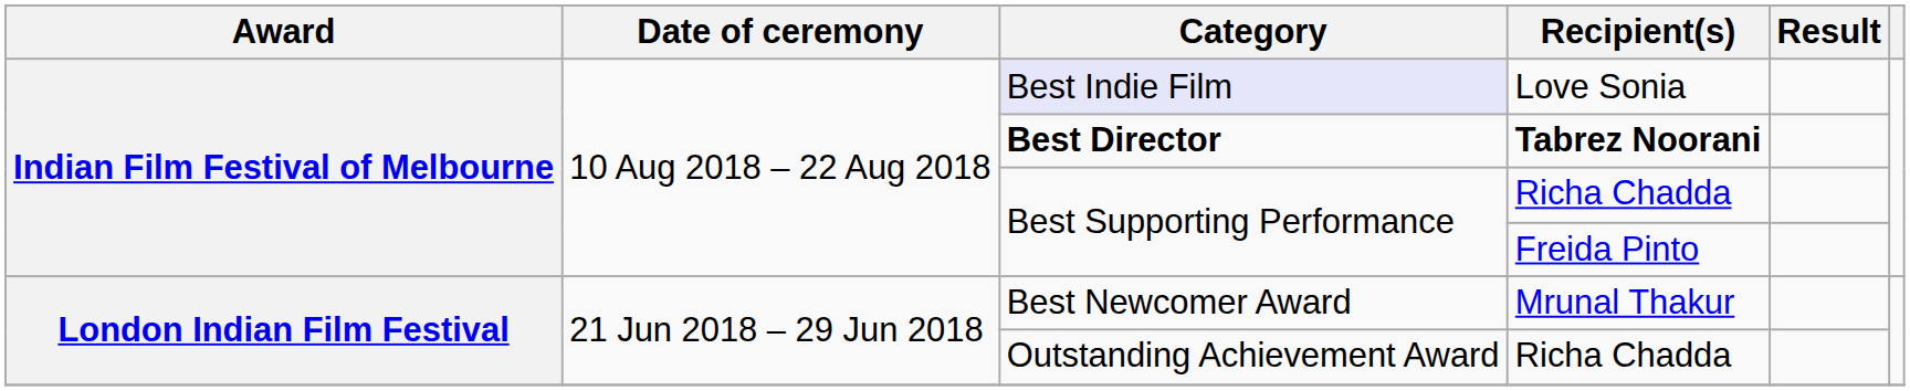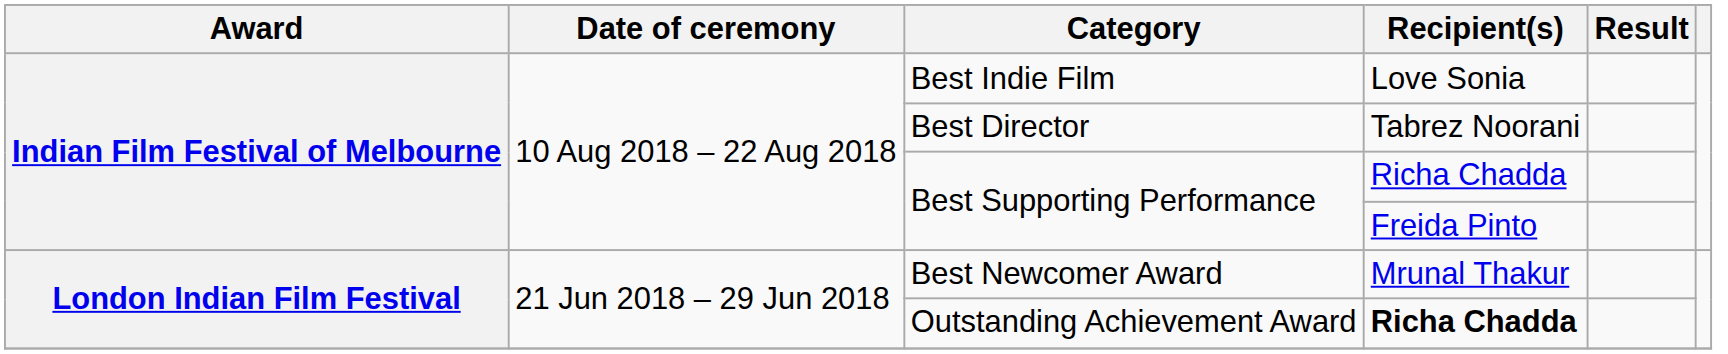 <table class="wikitable plainrowheaders sortable">
 <tr>
 <th scope="col">Award</th>
 <th scope="col">Date of ceremony</th>
 <th scope="col">Category</th>
 <th scope="col">Recipient(s)</th>
 <th scope="col" class="unsortable">Result</th>
 <th scope="col" class="unsortable"></th>
 </tr>
 <tr>
 <th scope="row" rowspan="4"><a href='#'>Indian Film Festival of Melbourne</a></th>
 <td rowspan="4">10 Aug 2018 – 22 Aug 2018</td>
-<td style="background: lavender;">Best Indie Film</td>
+<td>Best Indie Film</td>
 <td>Love Sonia</td>
 <td></td>
 <td rowspan="4"><br></td>
 </tr>
 <tr>
-<td><strong>Best Director</strong></td>
-<td><strong>Tabrez Noorani</strong></td>
+<td>Best Director</td>
+<td>Tabrez Noorani</td>
 <td></td>
 </tr>
 <tr>
 <td rowspan="2">Best Supporting Performance</td>
 <td><a href='#'>Richa Chadda</a></td>
 <td></td>
 </tr>
 <tr>
 <td><a href='#'>Freida Pinto</a></td>
 <td></td>
 </tr>
 <tr>
 <th scope="row" rowspan="2"><a href='#'>London Indian Film Festival</a></th>
 <td rowspan="2">21 Jun 2018 – 29 Jun 2018</td>
 <td>Best Newcomer Award</td>
 <td><a href='#'>Mrunal Thakur</a></td>
 <td></td>
 <td rowspan="2"></td>
 </tr>
 <tr>
 <td>Outstanding Achievement Award</td>
-<td>Richa Chadda</td>
+<td><strong>Richa Chadda</strong></td>
 <td></td>
 </tr>
 <tr>
 </tr>
 </table>
